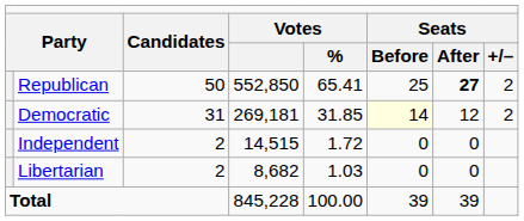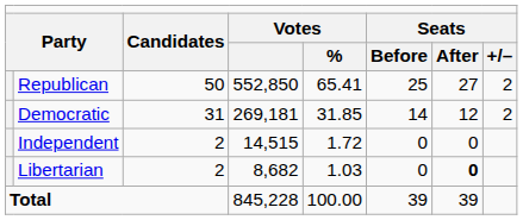 <table class="wikitable">
 <tr>
 <td colspan=8 align=center></td>
 </tr>
 <tr>
 <th rowspan="2" colspan="2">Party</th>
 <th rowspan="2">Candidates</th>
 <th colspan="2">Votes</th>
 <th colspan="3">Seats</th>
 </tr>
 <tr>
 <th></th>
 <th>%</th>
 <th>Before</th>
 <th>After</th>
 <th>+/–</th>
 </tr>
 <tr>
 <th style="background-color:"></th>
 <td><a href='#'>Republican</a></td>
 <td align="right">50</td>
 <td align="right">552,850</td>
 <td align="right">65.41</td>
 <td align="right" >25</td>
-<td align="right" ><strong>27</strong></td>
+<td align="right" >27</td>
 <td align="right"> 2</td>
 </tr>
 <tr>
 <th style="background-color:"></th>
 <td><a href='#'>Democratic</a></td>
 <td align="right">31</td>
 <td align="right">269,181</td>
 <td align="right">31.85</td>
-<td align="right" style="background: lightyellow;">14</td>
+<td align="right">14</td>
 <td align="right">12</td>
 <td align="right"> 2</td>
 </tr>
 <tr>
 <th style="background-color:"></th>
 <td><a href='#'>Independent</a></td>
 <td align="right">2</td>
 <td align="right">14,515</td>
 <td align="right">1.72</td>
 <td align="right">0</td>
 <td align="right">0</td>
 <td align="right"></td>
 </tr>
 <tr>
 <th style="background-color:"></th>
 <td><a href='#'>Libertarian</a></td>
 <td align="right">2</td>
 <td align="right">8,682</td>
 <td align="right">1.03</td>
 <td align="right">0</td>
-<td align="right">0</td>
+<td align="right"><strong>0</strong></td>
 <td align="right"></td>
 </tr>
 <tr>
 <td colspan="3" align="left"><strong>Total</strong></td>
 <td align="right">845,228</td>
 <td align="right">100.00</td>
 <td align="right">39</td>
 <td align="right">39</td>
 <td align="right"></td>
 </tr>
 </table>
